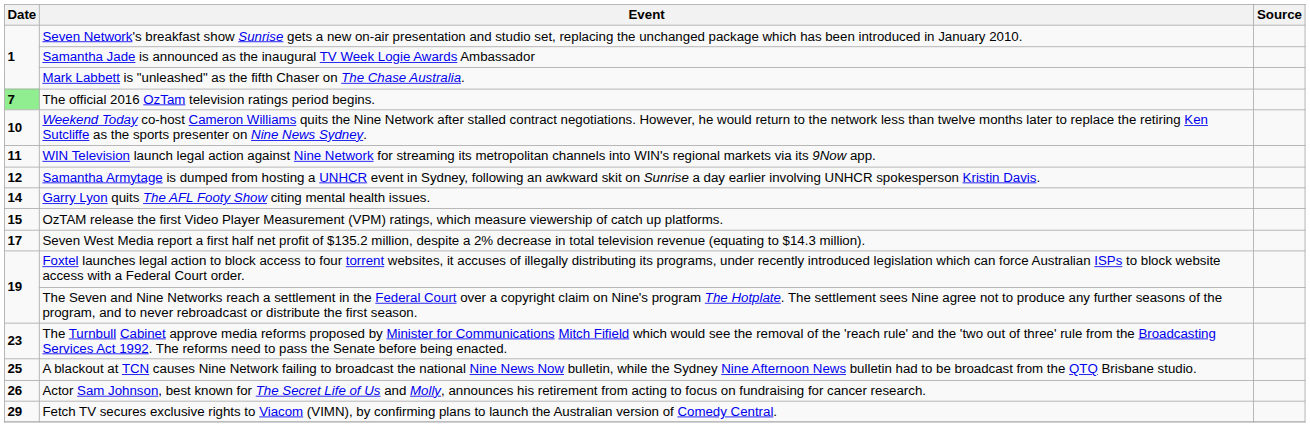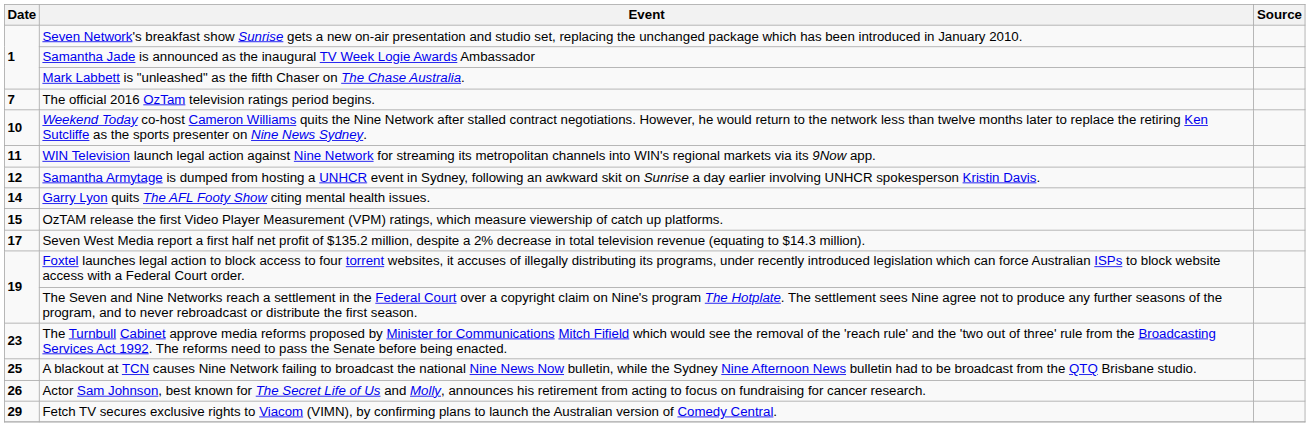 <table class="wikitable">
 <tr>
 <th>Date</th>
 <th>Event</th>
 <th>Source</th>
 </tr>
 <tr>
 <td rowspan="3"><strong>1</strong></td>
 <td><a href='#'>Seven Network</a>'s breakfast show <em><a href='#'>Sunrise</a></em> gets a new on-air presentation and studio set, replacing the unchanged package which has been introduced in January 2010.</td>
 <td></td>
 </tr>
 <tr>
 <td><a href='#'>Samantha Jade</a> is announced as the inaugural <a href='#'>TV Week Logie Awards</a> Ambassador</td>
 <td></td>
 </tr>
 <tr>
 <td><a href='#'>Mark Labbett</a> is "unleashed" as the fifth Chaser on <em><a href='#'>The Chase Australia</a></em>.</td>
 <td></td>
 </tr>
 <tr>
-<td style="background: lightgreen;"><strong>7</strong></td>
+<td><strong>7</strong></td>
 <td>The official 2016 <a href='#'>OzTam</a> television ratings period begins.</td>
 <td></td>
 </tr>
 <tr>
 <td><strong>10</strong></td>
 <td><em><a href='#'>Weekend Today</a></em> co-host <a href='#'>Cameron Williams</a> quits the Nine Network after stalled contract negotiations. However, he would return to the network less than twelve months later to replace the retiring <a href='#'>Ken Sutcliffe</a> as the sports presenter on <em><a href='#'>Nine News Sydney</a></em>.</td>
 <td></td>
 </tr>
 <tr>
 <td><strong>11</strong></td>
 <td><a href='#'>WIN Television</a> launch legal action against <a href='#'>Nine Network</a> for streaming its metropolitan channels into WIN's regional markets via its <em>9Now</em> app.</td>
 <td></td>
 </tr>
 <tr>
 <td><strong>12</strong></td>
 <td><a href='#'>Samantha Armytage</a> is dumped from hosting a <a href='#'>UNHCR</a> event in Sydney, following an awkward skit on <em>Sunrise</em> a day earlier involving UNHCR spokesperson <a href='#'>Kristin Davis</a>.</td>
 <td></td>
 </tr>
 <tr>
 <td><strong>14</strong></td>
 <td><a href='#'>Garry Lyon</a> quits <em><a href='#'>The AFL Footy Show</a></em> citing mental health issues.</td>
 <td></td>
 </tr>
 <tr>
 <td><strong>15</strong></td>
 <td>OzTAM release the first Video Player Measurement (VPM) ratings, which measure viewership of catch up platforms.</td>
 <td></td>
 </tr>
 <tr>
 <td><strong>17</strong></td>
 <td>Seven West Media report a first half net profit of $135.2 million, despite a 2% decrease in total television revenue (equating to $14.3 million).</td>
 <td></td>
 </tr>
 <tr>
 <td rowspan="2"><strong>19</strong></td>
 <td><a href='#'>Foxtel</a> launches legal action to block access to four <a href='#'>torrent</a> websites, it accuses of illegally distributing its programs, under recently introduced legislation which can force Australian <a href='#'>ISPs</a> to block website access with a Federal Court order.</td>
 <td></td>
 </tr>
 <tr>
 <td>The Seven and Nine Networks reach a settlement in the <a href='#'>Federal Court</a> over a copyright claim on Nine's program <em><a href='#'>The Hotplate</a></em>. The settlement sees Nine agree not to produce any further seasons of the program, and to never rebroadcast or distribute the first season.</td>
 <td></td>
 </tr>
 <tr>
 <td><strong>23</strong></td>
 <td>The <a href='#'>Turnbull</a> <a href='#'>Cabinet</a> approve media reforms proposed by <a href='#'>Minister for Communications</a> <a href='#'>Mitch Fifield</a> which would see the removal of the 'reach rule' and the 'two out of three' rule from the <a href='#'>Broadcasting Services Act 1992</a>. The reforms need to pass the Senate before being enacted.</td>
 <td></td>
 </tr>
 <tr>
 <td><strong>25</strong></td>
 <td>A blackout at <a href='#'>TCN</a> causes Nine Network failing to broadcast the national <a href='#'>Nine News Now</a> bulletin, while the Sydney <a href='#'>Nine Afternoon News</a> bulletin had to be broadcast from the <a href='#'>QTQ</a> Brisbane studio.</td>
 <td></td>
 </tr>
 <tr>
 <td><strong>26</strong></td>
 <td>Actor <a href='#'>Sam Johnson</a>, best known for <em><a href='#'>The Secret Life of Us</a></em> and <em><a href='#'>Molly</a></em>, announces his retirement from acting to focus on fundraising for cancer research.</td>
 <td></td>
 </tr>
 <tr>
 <td><strong>29</strong></td>
 <td>Fetch TV secures exclusive rights to <a href='#'>Viacom</a> (VIMN), by confirming plans to launch the Australian version of <a href='#'>Comedy Central</a>.</td>
 <td></td>
 </tr>
 <tr>
 </tr>
 </table>
